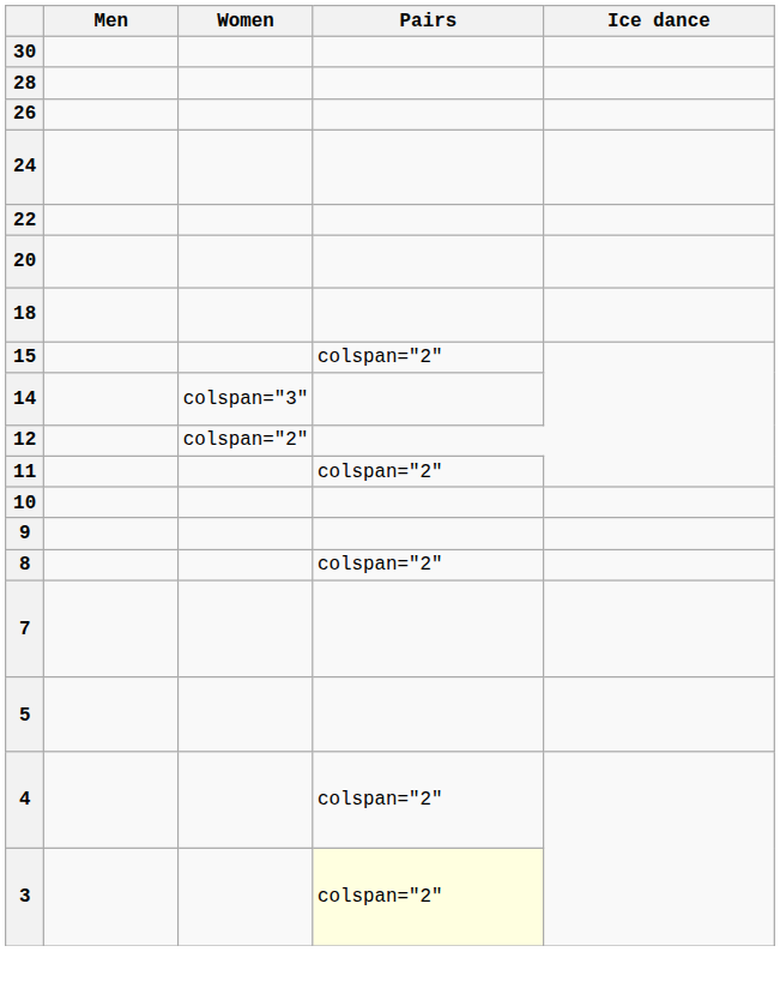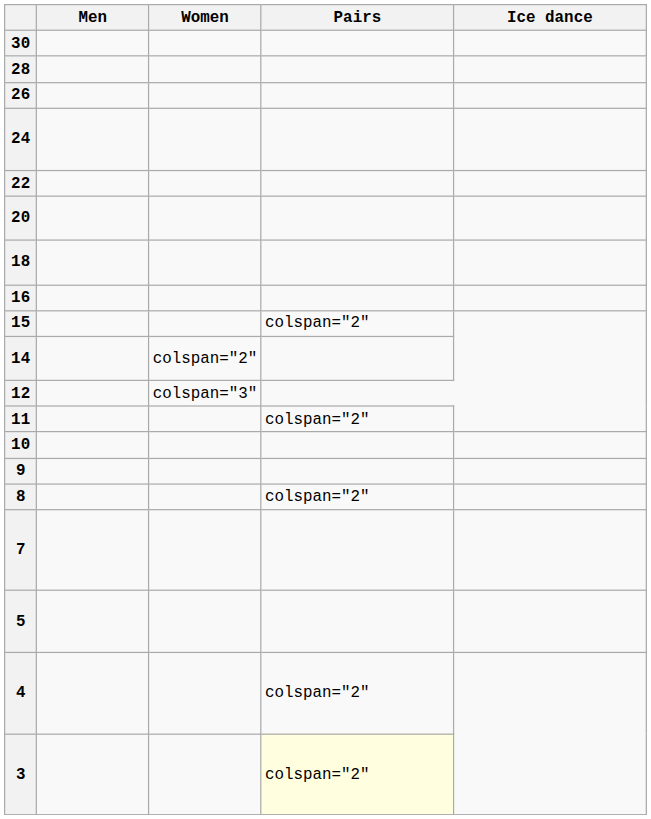 <table class="wikitable">
 <tr>
 <th scope="col" style="width:5%"></th>
 <th scope="col" style="width:17.5%">Men</th>
 <th scope="col" style="width:17.5%">Women</th>
 <th scope="col" style="width:30%">Pairs</th>
 <th scope="col" style="width:30%">Ice dance</th>
 </tr>
 <tr>
 <th scope="row">30</th>
 <td valign="top"></td>
 <td valign="top"></td>
 <td valign="top"><br></td>
 <td valign="top"><br></td>
 </tr>
 <tr>
 <th scope="row">28</th>
 <td valign="top"><br></td>
 <td valign="top"></td>
 <td valign="top"></td>
 <td valign="top"><br></td>
 </tr>
 <tr>
 <th scope="row">26</th>
 <td valign="top"><br></td>
 <td valign="top"></td>
 <td valign="top"></td>
 <td valign="top"><br></td>
 </tr>
 <tr>
 <th scope="row">24</th>
 <td valign="top"><br></td>
 <td valign="top"><br><br></td>
 <td valign="top"><br><br><br></td>
 <td></td>
 </tr>
 <tr>
 <th scope="row">22</th>
 <td></td>
 <td valign="top"></td>
 <td></td>
 <td valign="top"><br></td>
 </tr>
 <tr>
 <th scope="row">20</th>
 <td valign="top"><br><br></td>
 <td valign="top"><br></td>
 <td valign="top"></td>
 <td valign="top"><br></td>
 </tr>
 <tr>
 <th scope="row">18</th>
 <td valign="top"><br><br></td>
 <td valign="top"><br><br></td>
 <td valign="top"><br><br></td>
 <td valign="top"></td>
 </tr>
 <tr>
+<th scope="row">16</th>
+<td></td>
+<td valign="top"></td>
+<td valign="top"></td>
+<td></td>
+</tr>
+<tr>
 <th scope="row">15</th>
 <td></td>
 <td valign="top"></td>
 <td>colspan="2" </td>
 </tr>
 <tr>
 <th scope="row">14</th>
 <td valign="top"></td>
-<td>colspan="3" </td>
+<td>colspan="2" </td>
 <td valign="top"><br><br></td>
 </tr>
 <tr>
 <th scope="row">12</th>
 <td valign="top"></td>
-<td>colspan="2" </td>
+<td>colspan="3" </td>
 </tr>
 <tr>
 <th scope="row">11</th>
 <td></td>
 <td valign="top"></td>
 <td>colspan="2" </td>
 </tr>
 <tr>
 <th scope="row">10</th>
 <td></td>
 <td valign="top"><br></td>
 <td valign="top"></td>
 <td valign="top"></td>
 </tr>
 <tr>
 <th scope="row">9</th>
 <td></td>
 <td valign="top"></td>
 <td></td>
 <td valign="top"></td>
 </tr>
 <tr>
 <th scope="row">8</th>
 <td></td>
 <td valign="top"></td>
 <td>colspan="2" </td>
 </tr>
 <tr>
 <th scope="row">7</th>
 <td valign="top"><br><br></td>
 <td valign="top"><br></td>
 <td valign="top"><br><br><br><br></td>
 <td valign="top"><br></td>
 </tr>
 <tr>
 <th scope="row">5</th>
 <td valign="top"><br><br><br></td>
 <td valign="top"><br></td>
 <td valign="top"><br><br></td>
 <td valign="top"><br><br></td>
 </tr>
 <tr>
 <th scope="row">4</th>
 <td valign="top"><br><br><br><br></td>
 <td valign="top"><br><br></td>
 <td>colspan="2" </td>
 </tr>
 <tr>
 <th scope="row">3</th>
 <td valign="top"><br><br><br><br></td>
 <td valign="top"><br><br><br><br></td>
 <td style="background: lightyellow;">colspan="2" </td>
 </tr>
 </table>
